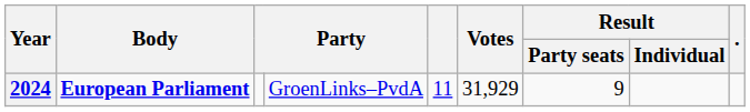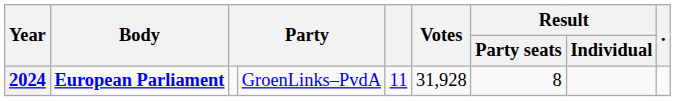 <table class="wikitable plainrowheaders sortable" border=2 cellpadding=4 cellspacing=0 style="border: 1px #aaa solid; font-size: 90%; text-align:center;">
 <tr>
 <th scope="col" rowspan=2>Year</th>
 <th scope="col" rowspan=2>Body</th>
 <th scope="col" colspan=2 rowspan=2>Party</th>
 <th scope="col" rowspan=2></th>
 <th scope="col" rowspan=2>Votes</th>
 <th scope="colgroup" colspan=2>Result</th>
 <th scope="col" rowspan=2>.</th>
 </tr>
 <tr>
 <th scope="col">Party seats</th>
 <th scope="col">Individual</th>
 </tr>
 <tr>
 <th scope="row"><a href='#'>2024</a></th>
 <td><strong><a href='#'>European Parliament</a></strong></td>
 <td style="background-color:"></td>
 <td><a href='#'>GroenLinks–PvdA</a></td>
 <td style=text-align:right><a href='#'>11</a></td>
-<td style=text-align:right>31,929</td>
-<td style=text-align:right>9</td>
+<td style=text-align:right>31,928</td>
+<td style=text-align:right>8</td>
 <td></td>
 <td></td>
 </tr>
 </table>
